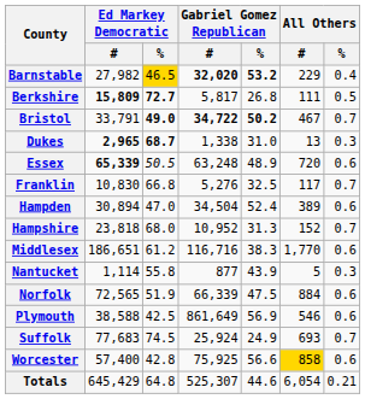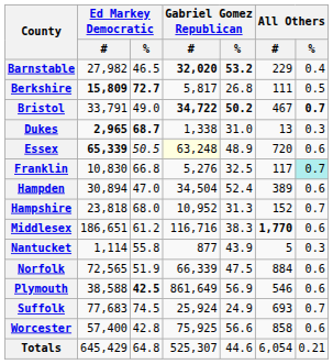 <table class="wikitable sortable" style="text-align:right;font-size:90%;line-height:1.3">
 <tr>
 <th rowspan="2">County</th>
 <th colspan="2"><a href='#'>Ed Markey</a><br><a href='#'>Democratic</a></th>
 <th colspan="2">Gabriel Gomez<br><a href='#'>Republican</a></th>
 <th colspan="2">All Others</th>
 </tr>
 <tr>
 <th data-sort-type="number">#</th>
 <th data-sort-type="number">%</th>
 <th data-sort-type="number">#</th>
 <th data-sort-type="number">%</th>
 <th data-sort-type="number">#</th>
 <th data-sort-type="number">%</th>
 </tr>
 <tr>
 <th><a href='#'>Barnstable</a></th>
 <td>27,982</td>
-<td style="background: gold;">46.5</td>
+<td>46.5</td>
 <td><strong>32,020</strong></td>
 <td><strong>53.2</strong></td>
 <td>229</td>
 <td>0.4</td>
 </tr>
 <tr>
 <th><a href='#'>Berkshire</a></th>
 <td><strong>15,809</strong></td>
 <td><strong>72.7</strong></td>
 <td>5,817</td>
 <td>26.8</td>
 <td>111</td>
 <td>0.5</td>
 </tr>
 <tr>
 <th><a href='#'>Bristol</a></th>
 <td>33,791</td>
-<td><strong>49.0</strong></td>
+<td>49.0</td>
 <td><strong>34,722</strong></td>
 <td><strong>50.2</strong></td>
 <td>467</td>
-<td>0.7</td>
+<td><strong>0.7</strong></td>
 </tr>
 <tr>
 <th><a href='#'>Dukes</a></th>
 <td><strong>2,965</strong></td>
 <td><strong>68.7</strong></td>
 <td>1,338</td>
 <td>31.0</td>
 <td>13</td>
 <td>0.3</td>
 </tr>
 <tr>
 <th><a href='#'>Essex</a></th>
 <td><strong>65,339</strong></td>
 <td><em>50.5<strong></td>
-<td>63,248</td>
+<td style="background: lightyellow;">63,248</td>
 <td>48.9</td>
 <td>720</td>
 <td>0.6</td>
 </tr>
 <tr>
 <th><a href='#'>Franklin</a></th>
 <td></strong>10,830<strong></td>
 <td></strong>66.8<strong></td>
 <td>5,276</td>
 <td>32.5</td>
 <td>117</td>
-<td>0.7</td>
+<td style="background: paleturquoise;">0.7</td>
 </tr>
 <tr>
 <th><a href='#'>Hampden</a></th>
 <td>30,894</td>
 <td>47.0</td>
 <td></strong>34,504<strong></td>
 <td></strong>52.4<strong></td>
 <td>389</td>
 <td>0.6</td>
 </tr>
 <tr>
 <th><a href='#'>Hampshire</a></th>
 <td></strong>23,818<strong></td>
 <td></strong>68.0<strong></td>
 <td>10,952</td>
 <td>31.3</td>
 <td>152</td>
 <td>0.7</td>
 </tr>
 <tr>
 <th><a href='#'>Middlesex</a></th>
 <td></strong>186,651<strong></td>
 <td></strong>61.2<strong></td>
 <td>116,716</td>
 <td>38.3</td>
-<td>1,770</td>
+<td><strong>1,770</strong></td>
 <td>0.6</td>
 </tr>
 <tr>
 <th><a href='#'>Nantucket</a></th>
 <td></strong>1,114<strong></td>
 <td></strong>55.8<strong></td>
 <td>877</td>
 <td>43.9</td>
 <td>5</td>
 <td>0.3</td>
 </tr>
 <tr>
 <th><a href='#'>Norfolk</a></th>
 <td></strong>72,565<strong></td>
 <td></strong>51.9<strong></td>
 <td>66,339</td>
 <td>47.5</td>
 <td>884</td>
 <td>0.6</td>
 </tr>
 <tr>
 <th><a href='#'>Plymouth</a></th>
 <td>38,588</td>
-<td>42.5</td>
+<td><strong>42.5</strong></td>
 <td>8</strong>61,649<strong></td>
 <td></strong>56.9<strong></td>
 <td>546</td>
 <td>0.6</td>
 </tr>
 <tr>
 <th><a href='#'>Suffolk</a></th>
 <td></strong>77,683<strong></td>
 <td></strong>74.5<strong></td>
 <td>25,924</td>
 <td>24.9</td>
 <td>693</td>
 <td>0.7</td>
 </tr>
 <tr>
 <th><a href='#'>Worcester</a></th>
 <td>57,400</td>
 <td>42.8</td>
 <td></strong>75,925<strong></td>
 <td></strong>56.6<strong></td>
-<td style="background: gold;">858</td>
+<td>858</td>
 <td>0.6</td>
 </tr>
 <tr class=sortbottom>
 <th>Totals</th>
 <td></strong>645,429<strong></td>
 <td></strong>64.8<strong></td>
 <td>525,307</td>
 <td>44.6</td>
 <td>6,054</td>
 <td>0.21</td>
 </tr>
 </table>
